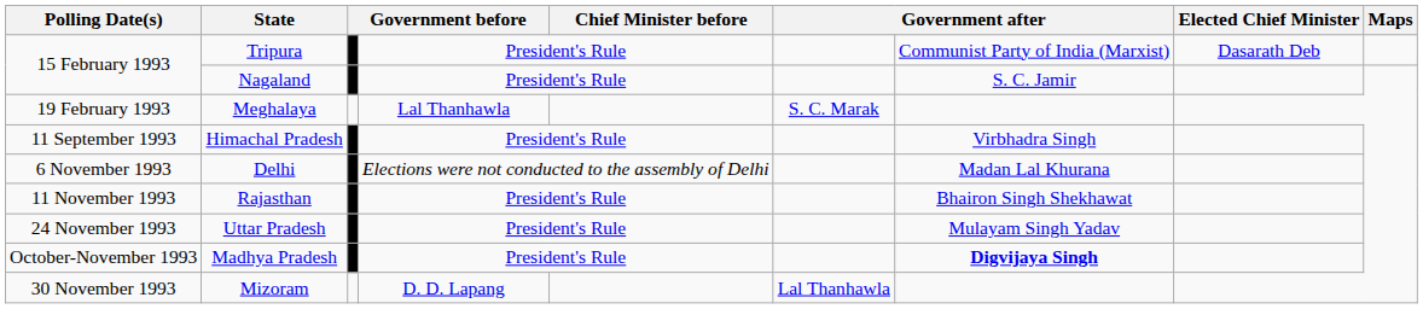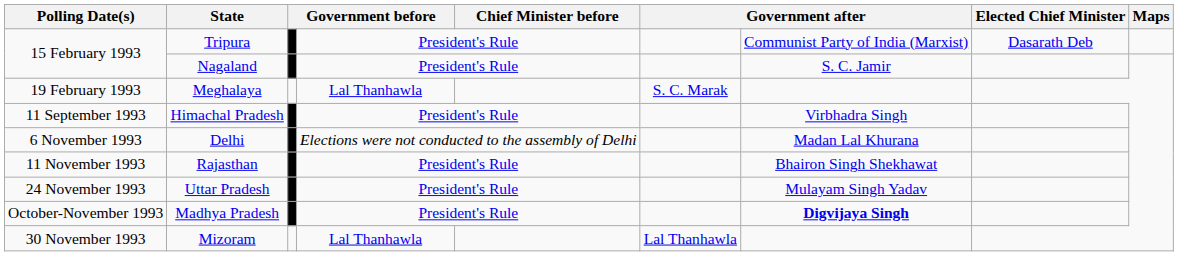 <table class="wikitable sortable">
 <tr>
 <th>Polling Date(s)</th>
 <th>State</th>
 <th colspan="2">Government before</th>
 <th>Chief Minister before</th>
 <th colspan="2">Government after</th>
 <th>Elected Chief Minister</th>
 <th>Maps</th>
 </tr>
 <tr style="text-align:center;">
 <td rowspan="2">15 February 1993</td>
 <td><a href='#'>Tripura</a></td>
 <td bgcolor="#000000"></td>
 <td colspan="2" align="center"><a href='#'>President's Rule</a></td>
 <td></td>
 <td align="left"><a href='#'>Communist Party of India (Marxist)</a></td>
 <td><a href='#'>Dasarath Deb</a></td>
 <td></td>
 </tr>
 <tr style="text-align:center;">
 <td><a href='#'>Nagaland</a></td>
 <td bgcolor="#000000"></td>
 <td colspan="2" align="center"><a href='#'>President's Rule</a></td>
 <td></td>
 <td><a href='#'>S. C. Jamir</a></td>
 <td></td>
 </tr>
 <tr style="text-align:center;">
 <td>19 February 1993</td>
 <td><a href='#'>Meghalaya</a></td>
 <td></td>
 <td><a href='#'>Lal Thanhawla</a></td>
 <td></td>
 <td><a href='#'>S. C. Marak</a></td>
 <td></td>
 </tr>
 <tr style="text-align:center;">
 <td>11 September 1993</td>
 <td><a href='#'>Himachal Pradesh</a></td>
 <td bgcolor="#000000"></td>
 <td colspan="2" align="center"><a href='#'>President's Rule</a></td>
 <td></td>
 <td><a href='#'>Virbhadra Singh</a></td>
 <td></td>
 </tr>
 <tr style="text-align:center;">
 <td>6 November 1993</td>
 <td><a href='#'>Delhi</a></td>
 <td bgcolor="#000000"></td>
 <td colspan="2" align="center"><em>Elections were not conducted to the assembly of Delhi</em></td>
 <td></td>
 <td><a href='#'>Madan Lal Khurana</a></td>
 <td></td>
 </tr>
 <tr style="text-align:center;">
 <td>11 November 1993</td>
 <td><a href='#'>Rajasthan</a></td>
 <td bgcolor="#000000"></td>
 <td colspan="2" align="center"><a href='#'>President's Rule</a></td>
 <td></td>
 <td><a href='#'>Bhairon Singh Shekhawat</a></td>
 <td></td>
 </tr>
 <tr style="text-align:center;">
 <td>24 November 1993</td>
 <td><a href='#'>Uttar Pradesh</a></td>
 <td bgcolor="#000000"></td>
 <td colspan="2" align="center"><a href='#'>President's Rule</a></td>
 <td></td>
 <td><a href='#'>Mulayam Singh Yadav</a></td>
 <td></td>
 </tr>
 <tr style="text-align:center;">
 <td>October-November 1993</td>
 <td><a href='#'>Madhya Pradesh</a></td>
 <td bgcolor="#000000"></td>
 <td colspan="2" align="center"><a href='#'>President's Rule</a></td>
 <td></td>
 <td><strong><a href='#'>Digvijaya Singh</a></strong></td>
 <td></td>
 </tr>
 <tr style="text-align:center;">
 <td>30 November 1993</td>
 <td><a href='#'>Mizoram</a></td>
 <td></td>
-<td><a href='#'>D. D. Lapang</a></td>
+<td><a href='#'>Lal Thanhawla</a></td>
 <td></td>
 <td><a href='#'>Lal Thanhawla</a></td>
 <td></td>
 </tr>
 </table>
